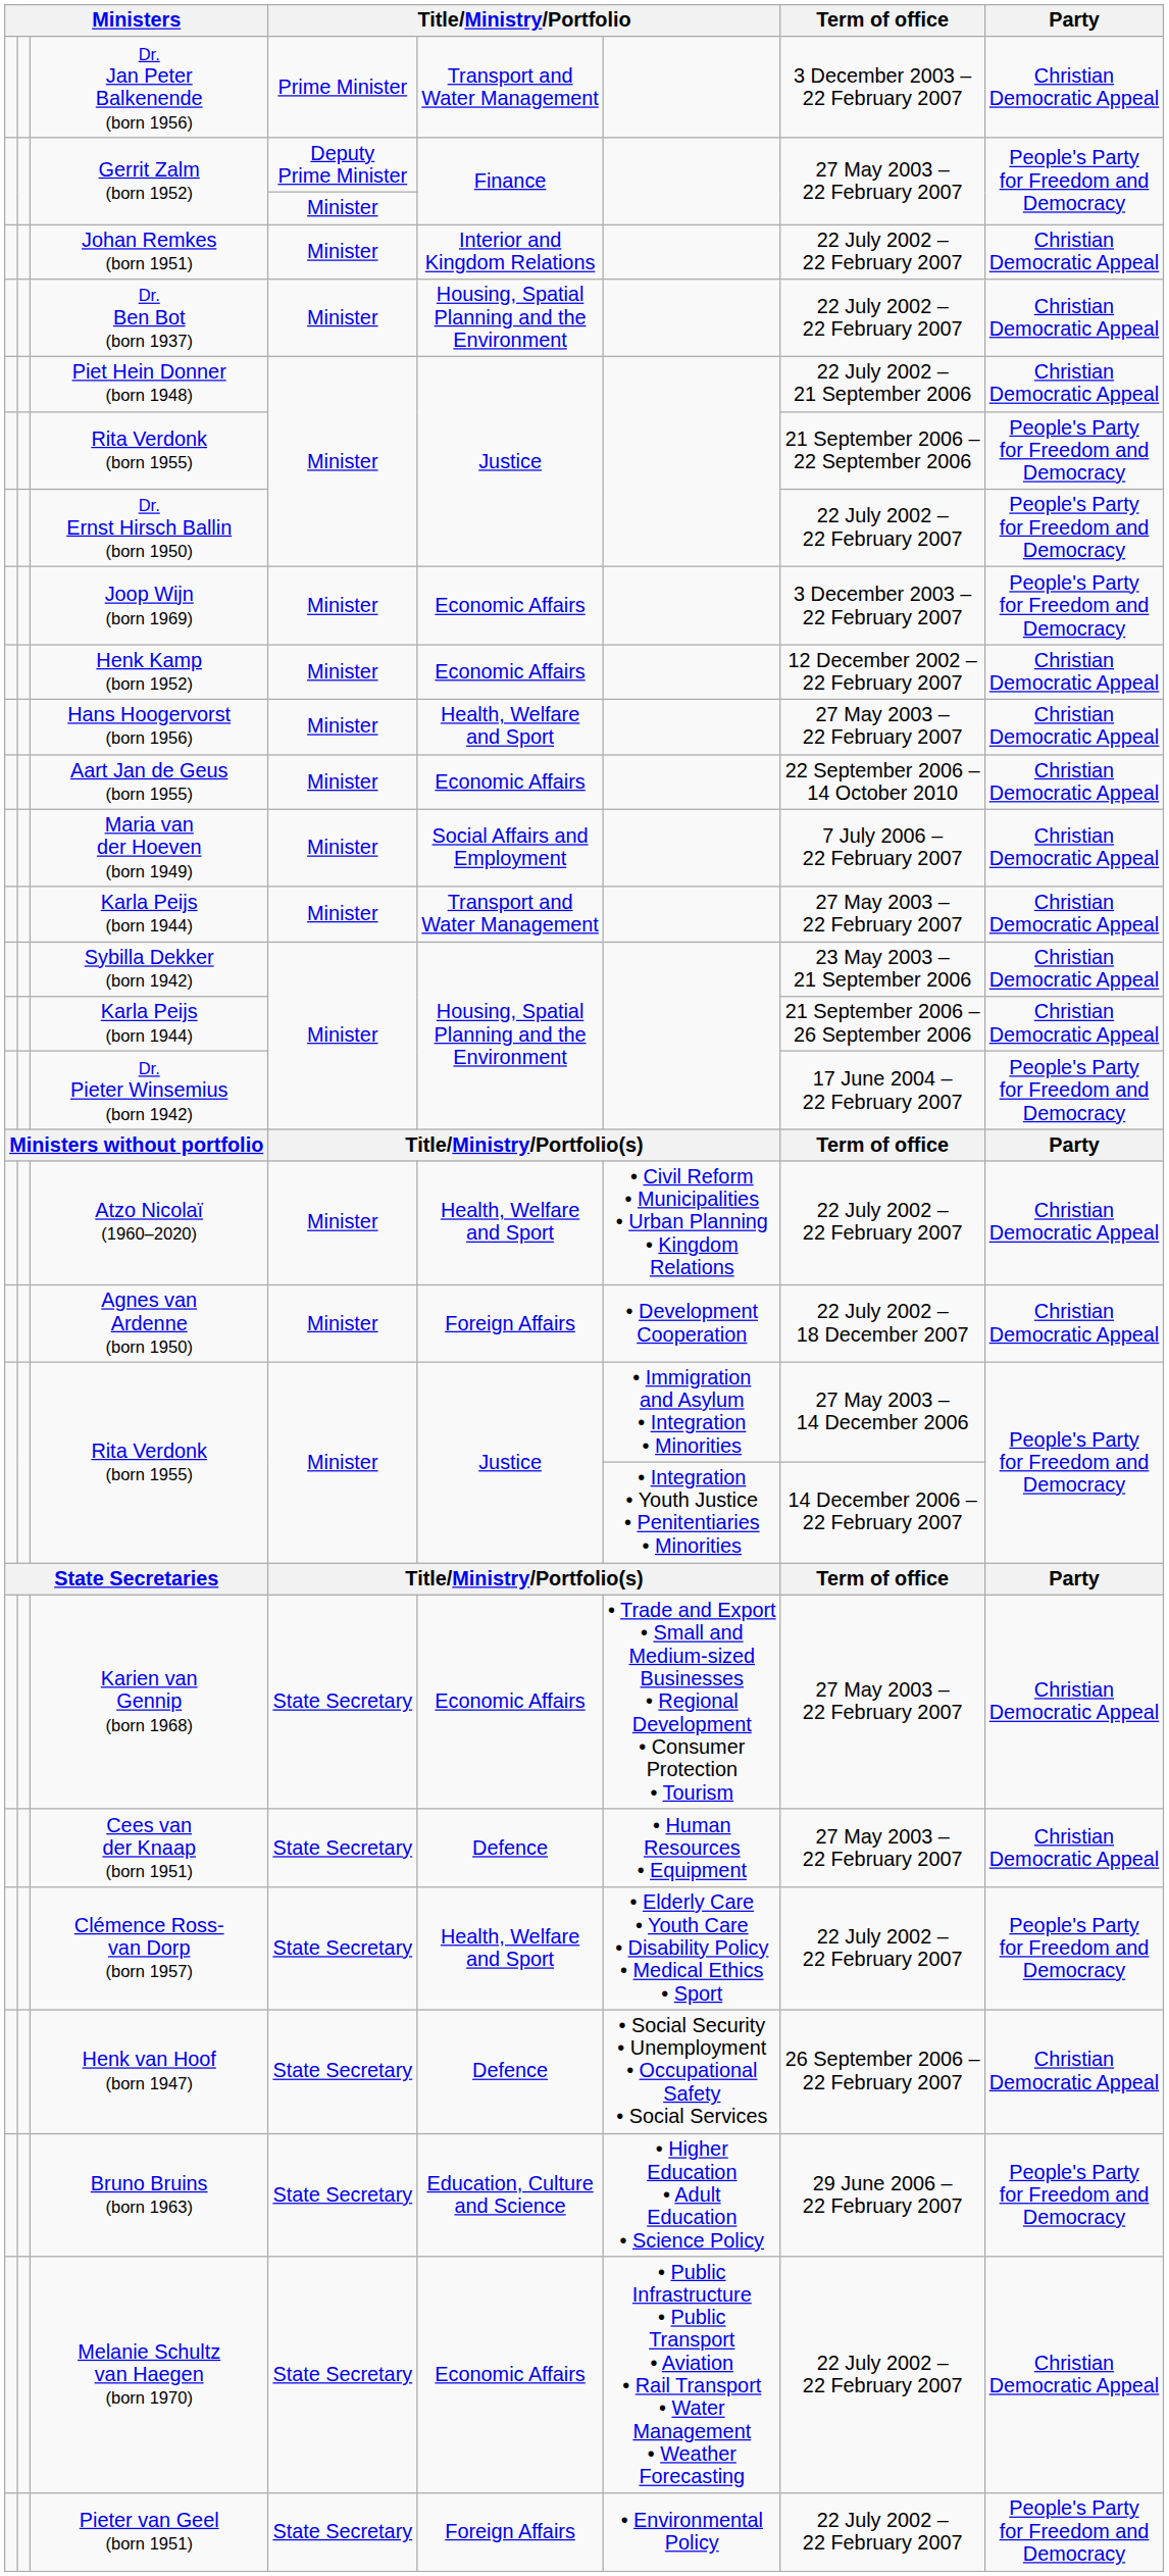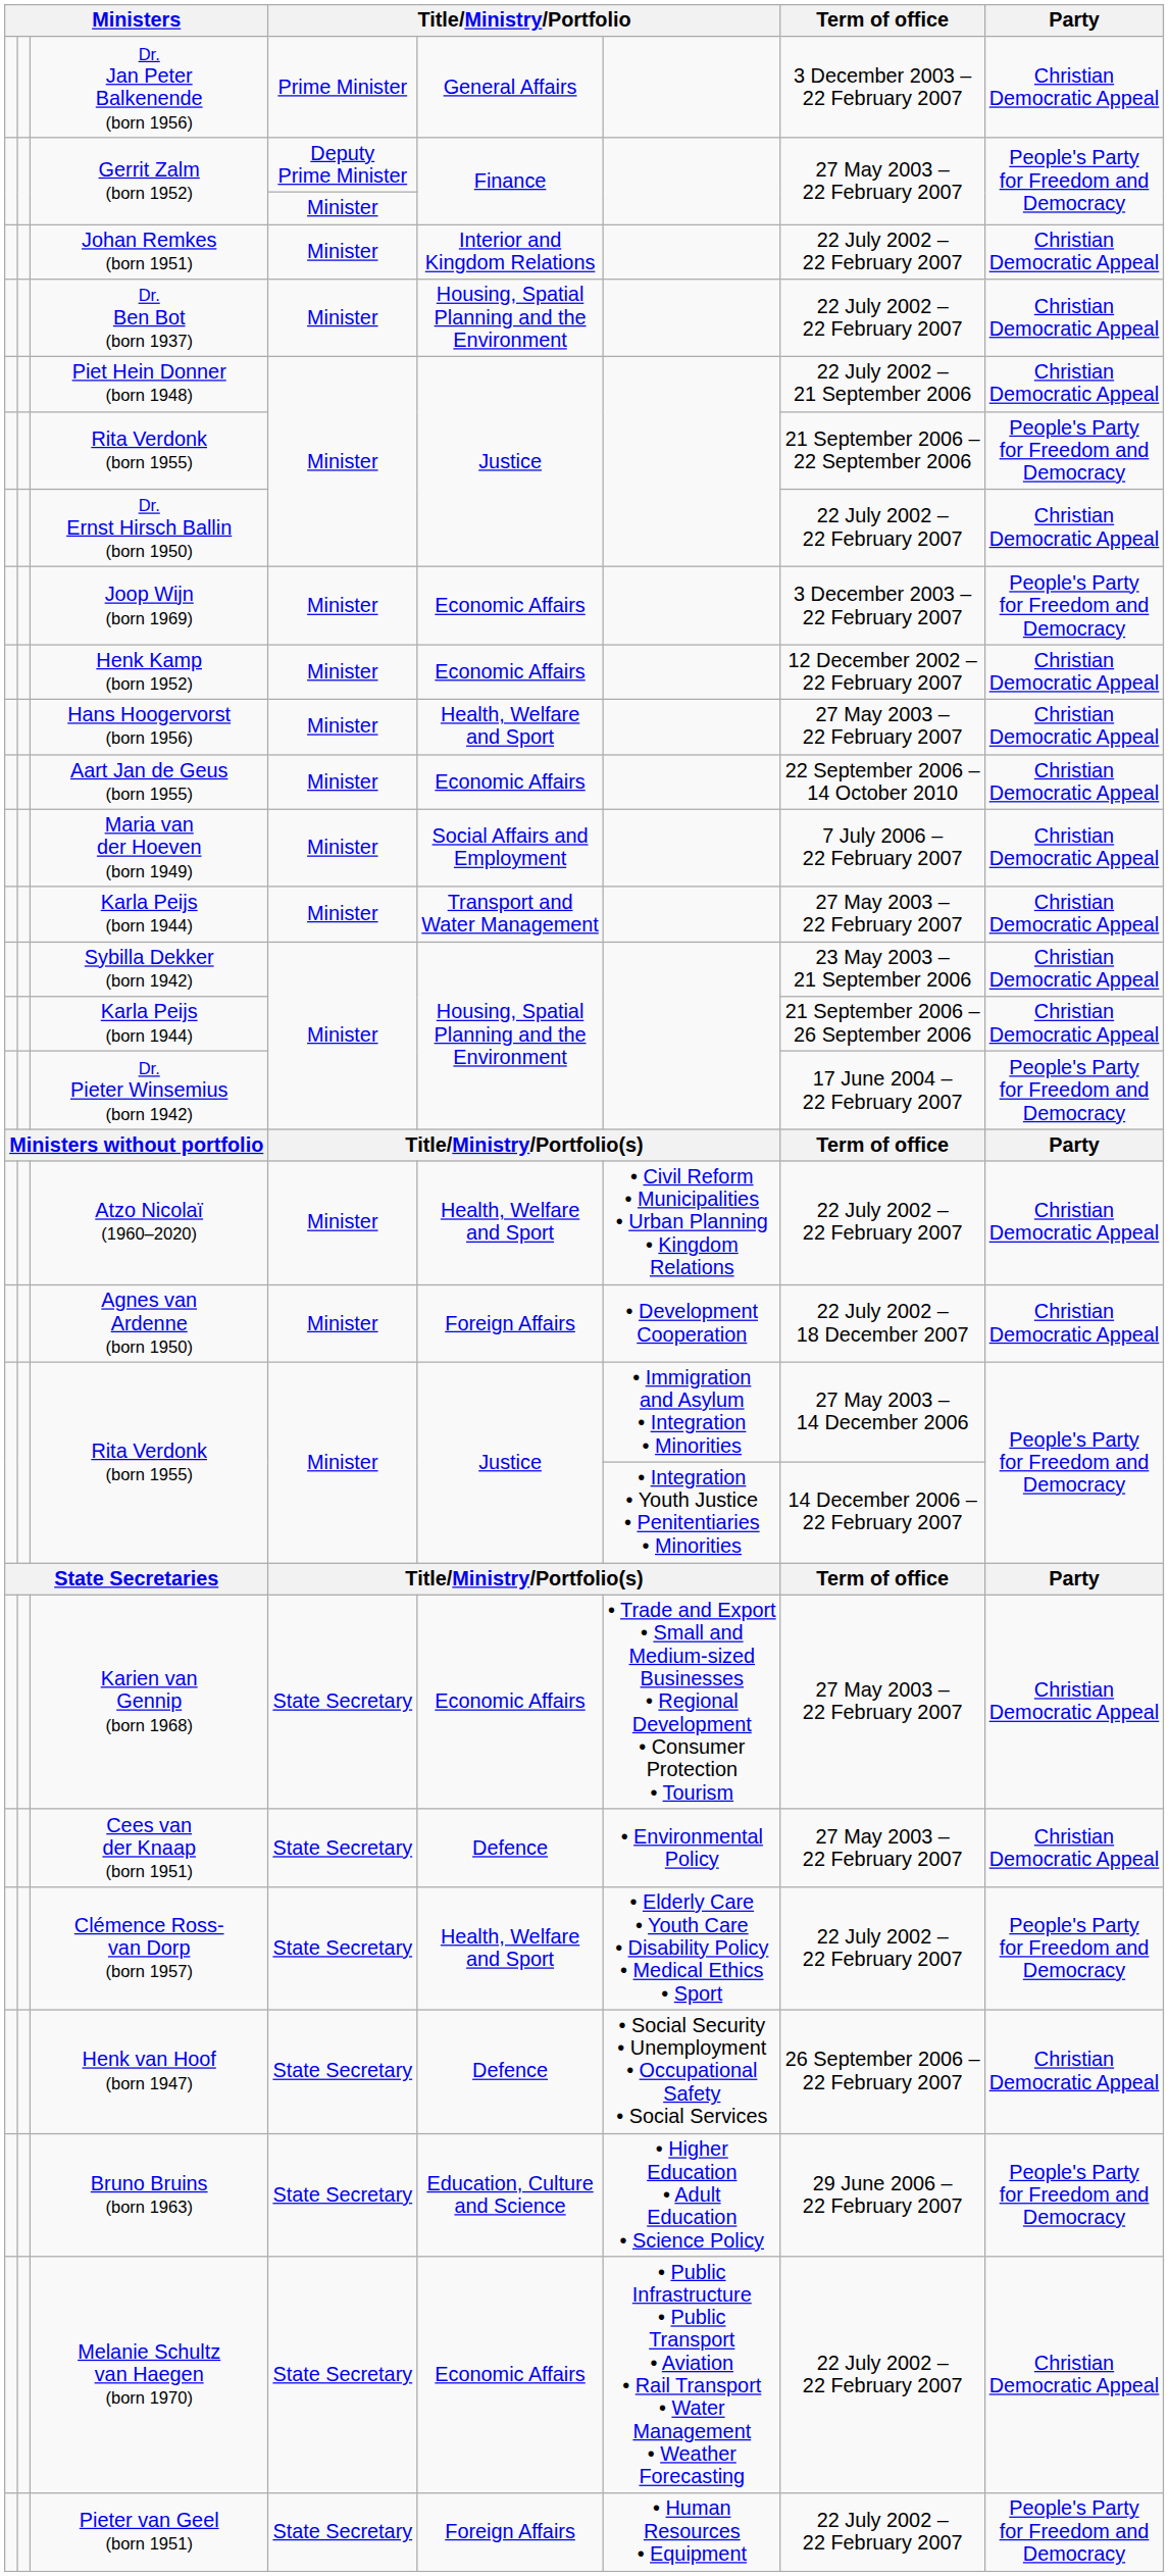 <table class="wikitable" style="text-align:center">
 <tr>
 <th colspan=3><a href='#'>Ministers</a></th>
 <th colspan=3>Title/<a href='#'>Ministry</a>/Portfolio</th>
 <th>Term of office</th>
 <th>Party</th>
 </tr>
 <tr>
 <td style="background:"></td>
 <td></td>
 <td><small><a href='#'>Dr.</a></small> <br> <a href='#'>Jan Peter <br> Balkenende</a> <br> <small>(born 1956)</small></td>
 <td><a href='#'>Prime Minister</a></td>
-<td><a href='#'>Transport and <br> Water Management</a></td>
+<td><a href='#'>General Affairs</a></td>
 <td></td>
 <td>3 December 2003 – <br> 22 February 2007 <br> </td>
 <td><a href='#'>Christian <br> Democratic Appeal</a></td>
 </tr>
 <tr>
 <td rowspan=2 style="background:"></td>
 <td rowspan=2></td>
 <td rowspan=2><a href='#'>Gerrit Zalm</a> <br> <small>(born 1952)</small></td>
 <td><a href='#'>Deputy <br> Prime Minister</a></td>
 <td rowspan=2><a href='#'>Finance</a></td>
 <td rowspan=2></td>
 <td rowspan=2>27 May 2003 – <br> 22 February 2007 <br> </td>
 <td rowspan=2><a href='#'>People's Party <br> for Freedom and <br> Democracy</a></td>
 </tr>
 <tr>
 <td><a href='#'>Minister</a></td>
 </tr>
 <tr>
 <td style="background:"></td>
 <td></td>
 <td><a href='#'>Johan Remkes</a> <br> <small>(born 1951)</small></td>
 <td><a href='#'>Minister</a></td>
 <td><a href='#'>Interior and <br> Kingdom Relations</a></td>
 <td></td>
 <td>22 July 2002 – <br> 22 February 2007 <br> </td>
 <td><a href='#'>Christian <br> Democratic Appeal</a></td>
 </tr>
 <tr>
 <td style="background:"></td>
 <td></td>
 <td><small><a href='#'>Dr.</a></small> <br> <a href='#'>Ben Bot</a> <br> <small>(born 1937)</small></td>
 <td><a href='#'>Minister</a></td>
 <td><a href='#'>Housing, Spatial <br> Planning and the <br> Environment</a></td>
 <td></td>
 <td>22 July 2002 – <br> 22 February 2007 <br> </td>
 <td><a href='#'>Christian <br> Democratic Appeal</a></td>
 </tr>
 <tr>
 <td style="background:"></td>
 <td></td>
 <td><a href='#'>Piet Hein Donner</a> <br> <small>(born 1948)</small></td>
 <td rowspan=3><a href='#'>Minister</a></td>
 <td rowspan=3><a href='#'>Justice</a></td>
 <td rowspan=3></td>
 <td>22 July 2002 – <br> 21 September 2006 <br>  </td>
 <td><a href='#'>Christian <br> Democratic Appeal</a></td>
 </tr>
 <tr>
 <td style="background:"></td>
 <td></td>
 <td><a href='#'>Rita Verdonk</a> <br> <small>(born 1955)</small></td>
 <td>21 September 2006 – <br> 22 September 2006 <br> </td>
 <td><a href='#'>People's Party <br> for Freedom and <br> Democracy</a></td>
 </tr>
 <tr>
 <td style="background:"></td>
 <td></td>
 <td><small><a href='#'>Dr.</a></small> <br> <a href='#'>Ernst Hirsch Ballin</a> <br> <small>(born 1950)</small></td>
 <td>22 July 2002 – <br> 22 February 2007 <br> </td>
-<td><a href='#'>People's Party <br> for Freedom and <br> Democracy</a></td>
+<td><a href='#'>Christian <br> Democratic Appeal</a></td>
 </tr>
 <tr>
 <td style="background:"></td>
 <td></td>
 <td><a href='#'>Joop Wijn</a> <br> <small>(born 1969)</small></td>
 <td><a href='#'>Minister</a></td>
 <td><a href='#'>Economic Affairs</a></td>
 <td></td>
 <td>3 December 2003 – <br> 22 February 2007 <br> </td>
 <td><a href='#'>People's Party <br> for Freedom and <br> Democracy</a></td>
 </tr>
 <tr>
 <td style="background:"></td>
 <td></td>
 <td><a href='#'>Henk Kamp</a> <br> <small>(born 1952)</small></td>
 <td><a href='#'>Minister</a></td>
 <td><a href='#'>Economic Affairs</a></td>
 <td></td>
 <td>12 December 2002 – <br> 22 February 2007 <br> </td>
 <td><a href='#'>Christian <br> Democratic Appeal</a></td>
 </tr>
 <tr>
 <td style="background:"></td>
 <td></td>
 <td><a href='#'>Hans Hoogervorst</a> <br> <small>(born 1956)</small></td>
 <td><a href='#'>Minister</a></td>
 <td><a href='#'>Health, Welfare <br> and Sport</a></td>
 <td></td>
 <td>27 May 2003 – <br> 22 February 2007 <br> </td>
 <td><a href='#'>Christian <br> Democratic Appeal</a></td>
 </tr>
 <tr>
 <td style="background:"></td>
 <td></td>
 <td><a href='#'>Aart Jan de Geus</a> <br> <small>(born 1955)</small></td>
 <td><a href='#'>Minister</a></td>
 <td><a href='#'>Economic Affairs</a></td>
 <td></td>
 <td>22 September 2006 – <br> 14 October 2010 <br> </td>
 <td><a href='#'>Christian <br> Democratic Appeal</a></td>
 </tr>
 <tr>
 <td style="background:"></td>
 <td></td>
 <td><a href='#'>Maria van <br> der Hoeven</a> <br> <small>(born 1949)</small></td>
 <td><a href='#'>Minister</a></td>
 <td><a href='#'>Social Affairs and <br> Employment</a></td>
 <td></td>
 <td>7 July 2006 – <br> 22 February 2007</td>
 <td><a href='#'>Christian <br> Democratic Appeal</a></td>
 </tr>
 <tr>
 <td style="background:"></td>
 <td></td>
 <td><a href='#'>Karla Peijs</a> <br> <small>(born 1944)</small></td>
 <td><a href='#'>Minister</a></td>
 <td><a href='#'>Transport and <br> Water Management</a></td>
 <td></td>
 <td>27 May 2003 – <br> 22 February 2007 <br> </td>
 <td><a href='#'>Christian <br> Democratic Appeal</a></td>
 </tr>
 <tr>
 <td style="background:"></td>
 <td></td>
 <td><a href='#'>Sybilla Dekker</a> <br> <small>(born 1942)</small></td>
 <td rowspan=3><a href='#'>Minister</a></td>
 <td rowspan=3><a href='#'>Housing, Spatial <br> Planning and the <br> Environment</a></td>
 <td rowspan=3></td>
 <td>23 May 2003 – <br> 21 September 2006 <br>  </td>
 <td><a href='#'>Christian <br> Democratic Appeal</a></td>
 </tr>
 <tr>
 <td style="background:"></td>
 <td></td>
 <td><a href='#'>Karla Peijs</a> <br> <small>(born 1944)</small></td>
 <td>21 September 2006 – <br> 26 September 2006 <br> </td>
 <td><a href='#'>Christian <br> Democratic Appeal</a></td>
 </tr>
 <tr>
 <td style="background:"></td>
 <td></td>
 <td><small><a href='#'>Dr.</a></small> <br> <a href='#'>Pieter Winsemius</a> <br> <small>(born 1942)</small></td>
 <td>17 June 2004 – <br> 22 February 2007 <br> </td>
 <td><a href='#'>People's Party <br> for Freedom and <br> Democracy</a></td>
 </tr>
 <tr>
 <th colspan=3><a href='#'>Ministers without portfolio</a></th>
 <th colspan=3>Title/<a href='#'>Ministry</a>/Portfolio(s)</th>
 <th>Term of office</th>
 <th>Party</th>
 </tr>
 <tr>
 <td style="background:"></td>
 <td></td>
 <td><a href='#'>Atzo Nicolaï</a> <br> <small>(1960–2020)</small></td>
 <td><a href='#'>Minister</a></td>
 <td><a href='#'>Health, Welfare <br> and Sport</a></td>
 <td>• <a href='#'>Civil Reform</a> <br> • <a href='#'>Municipalities</a> <br> • <a href='#'>Urban Planning</a> <br> • <a href='#'>Kingdom <br> Relations</a></td>
 <td>22 July 2002 – <br> 22 February 2007 <br> </td>
 <td><a href='#'>Christian <br> Democratic Appeal</a></td>
 </tr>
 <tr>
 <td style="background:"></td>
 <td></td>
 <td><a href='#'>Agnes van <br> Ardenne</a> <br> <small>(born 1950)</small></td>
 <td><a href='#'>Minister</a></td>
 <td><a href='#'>Foreign Affairs</a></td>
 <td>• <a href='#'>Development <br> Cooperation</a></td>
 <td>22 July 2002 – <br> 18 December 2007 <br>  </td>
 <td><a href='#'>Christian <br> Democratic Appeal</a></td>
 </tr>
 <tr>
 <td rowspan=2 style="background:"></td>
 <td rowspan=2></td>
 <td rowspan=2><a href='#'>Rita Verdonk</a> <br> <small>(born 1955)</small></td>
 <td rowspan=2><a href='#'>Minister</a></td>
 <td rowspan=2><a href='#'>Justice</a></td>
 <td>• <a href='#'>Immigration <br> and Asylum</a> <br> • <a href='#'>Integration</a> <br> • <a href='#'>Minorities</a></td>
 <td>27 May 2003 – <br> 14 December 2006 <br> </td>
 <td rowspan=2><a href='#'>People's Party <br> for Freedom and <br> Democracy</a></td>
 </tr>
 <tr>
 <td>• <a href='#'>Integration</a> <br> • Youth Justice <br> • <a href='#'>Penitentiaries</a> <br> • <a href='#'>Minorities</a></td>
 <td>14 December 2006 – <br> 22 February 2007</td>
 </tr>
 <tr>
 <th colspan=3><a href='#'>State Secretaries</a></th>
 <th colspan=3>Title/<a href='#'>Ministry</a>/Portfolio(s)</th>
 <th>Term of office</th>
 <th>Party</th>
 </tr>
 <tr>
 <td style="background:"></td>
 <td></td>
 <td><a href='#'>Karien van <br> Gennip</a> <br> <small>(born 1968)</small></td>
 <td><a href='#'>State Secretary</a></td>
 <td><a href='#'>Economic Affairs</a></td>
 <td>• <a href='#'>Trade and Export</a> <br> • <a href='#'>Small and <br> Medium-sized <br> Businesses</a> <br> • <a href='#'>Regional <br> Development</a> <br> • Consumer <br> Protection <br> • <a href='#'>Tourism</a></td>
 <td>27 May 2003 – <br> 22 February 2007 <br> </td>
 <td><a href='#'>Christian <br> Democratic Appeal</a></td>
 </tr>
 <tr>
 <td style="background:"></td>
 <td></td>
 <td><a href='#'>Cees van <br> der Knaap</a> <br> <small>(born 1951)</small></td>
 <td><a href='#'>State Secretary</a></td>
 <td><a href='#'>Defence</a></td>
-<td>• <a href='#'>Human <br> Resources</a> <br> • <a href='#'>Equipment</a></td>
+<td>• <a href='#'>Environmental <br> Policy</a></td>
 <td>27 May 2003 – <br> 22 February 2007 <br> </td>
 <td><a href='#'>Christian <br> Democratic Appeal</a></td>
 </tr>
 <tr>
 <td style="background:"></td>
 <td></td>
 <td><a href='#'>Clémence Ross- <br> van Dorp</a> <br> <small>(born 1957)</small></td>
 <td><a href='#'>State Secretary</a></td>
 <td><a href='#'>Health, Welfare <br> and Sport</a></td>
 <td>• <a href='#'>Elderly Care</a> <br> • <a href='#'>Youth Care</a> <br> • <a href='#'>Disability Policy</a> <br> • <a href='#'>Medical Ethics</a> <br> • <a href='#'>Sport</a></td>
 <td>22 July 2002 – <br> 22 February 2007 <br> </td>
 <td><a href='#'>People's Party <br> for Freedom and <br> Democracy</a></td>
 </tr>
 <tr>
 <td style="background:"></td>
 <td></td>
 <td><a href='#'>Henk van Hoof</a> <br> <small>(born 1947)</small></td>
 <td><a href='#'>State Secretary</a></td>
 <td><a href='#'>Defence</a></td>
 <td>• Social Security <br> • Unemployment <br> • <a href='#'>Occupational <br> Safety</a> <br> • Social Services</td>
 <td>26 September 2006 – <br> 22 February 2007</td>
 <td><a href='#'>Christian <br> Democratic Appeal</a></td>
 </tr>
 <tr>
 <td style="background:"></td>
 <td></td>
 <td><a href='#'>Bruno Bruins</a> <br> <small>(born 1963)</small></td>
 <td><a href='#'>State Secretary</a></td>
 <td><a href='#'>Education, Culture <br> and Science</a></td>
 <td>• <a href='#'>Higher <br> Education</a> <br> • <a href='#'>Adult <br> Education</a> <br> • <a href='#'>Science Policy</a></td>
 <td>29 June 2006 – <br> 22 February 2007 <br> </td>
 <td><a href='#'>People's Party <br> for Freedom and <br> Democracy</a></td>
 </tr>
 <tr>
 <td style="background:"></td>
 <td></td>
 <td><a href='#'>Melanie Schultz <br> van Haegen</a> <br> <small>(born 1970)</small></td>
 <td><a href='#'>State Secretary</a></td>
 <td><a href='#'>Economic Affairs</a></td>
 <td>• <a href='#'>Public <br> Infrastructure</a> <br> • <a href='#'>Public <br> Transport</a> <br> • <a href='#'>Aviation</a> <br> • <a href='#'>Rail Transport</a> <br> • <a href='#'>Water <br> Management</a> <br> • <a href='#'>Weather <br> Forecasting</a></td>
 <td>22 July 2002 – <br> 22 February 2007 <br> </td>
 <td><a href='#'>Christian <br> Democratic Appeal</a></td>
 </tr>
 <tr>
 <td style="background:"></td>
 <td></td>
 <td><a href='#'>Pieter van Geel</a> <br> <small>(born 1951)</small></td>
 <td><a href='#'>State Secretary</a></td>
 <td><a href='#'>Foreign Affairs</a></td>
-<td>• <a href='#'>Environmental <br> Policy</a></td>
+<td>• <a href='#'>Human <br> Resources</a> <br> • <a href='#'>Equipment</a></td>
 <td>22 July 2002 – <br> 22 February 2007 <br> </td>
 <td><a href='#'>People's Party <br> for Freedom and <br> Democracy</a></td>
 </tr>
 <tr>
 </tr>
 </table>
